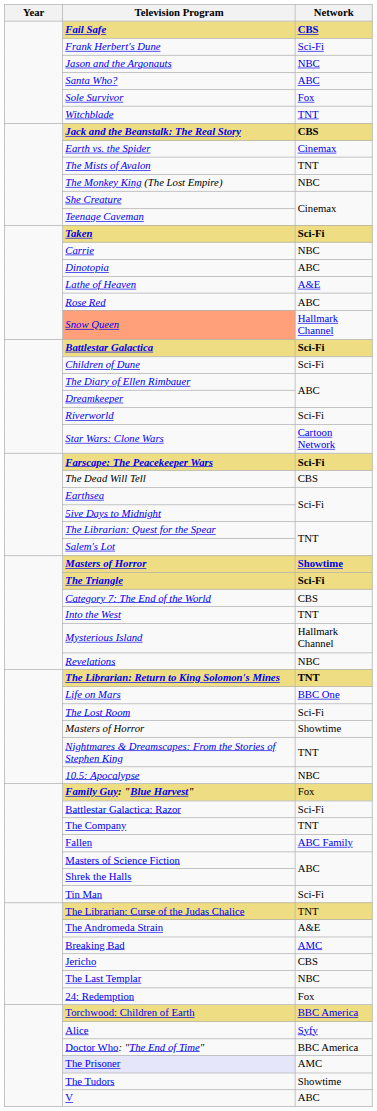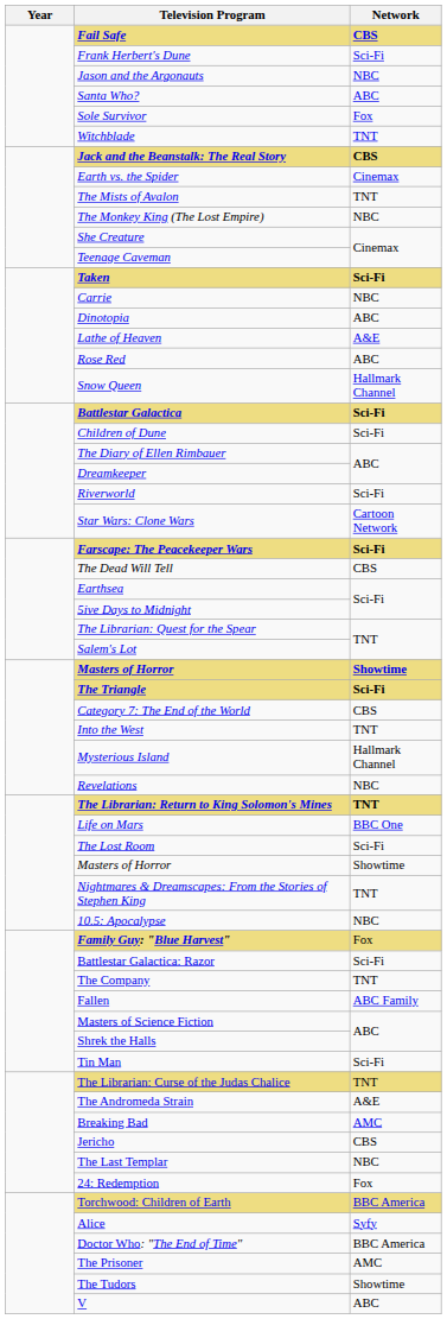 <table class="wikitable" width="550px" border="1" cellpadding="5" cellspacing="0" align="centre">
 <tr>
 <th width="80px">Year</th>
 <th>Television Program</th>
 <th>Network</th>
 </tr>
 <tr>
 <td rowspan=6></td>
 <td style="background:#EEDD82"><strong><em><a href='#'>Fail Safe</a></em></strong></td>
 <td style="background:#EEDD82"><strong><a href='#'>CBS</a></strong></td>
 </tr>
 <tr>
 <td><em><a href='#'>Frank Herbert's Dune</a></em></td>
 <td><a href='#'>Sci-Fi</a></td>
 </tr>
 <tr>
 <td><em><a href='#'>Jason and the Argonauts</a></em></td>
 <td><a href='#'>NBC</a></td>
 </tr>
 <tr>
 <td><em><a href='#'>Santa Who?</a></em></td>
 <td><a href='#'>ABC</a></td>
 </tr>
 <tr>
 <td><em><a href='#'>Sole Survivor</a></em></td>
 <td><a href='#'>Fox</a></td>
 </tr>
 <tr>
 <td><em><a href='#'>Witchblade</a></em></td>
 <td><a href='#'>TNT</a></td>
 </tr>
 <tr>
 <td rowspan=6></td>
 <td style="background:#EEDD82"><strong><em><a href='#'>Jack and the Beanstalk: The Real Story</a></em></strong></td>
 <td style="background:#EEDD82"><strong>CBS</strong></td>
 </tr>
 <tr>
 <td><em><a href='#'>Earth vs. the Spider</a></em></td>
 <td><a href='#'>Cinemax</a></td>
 </tr>
 <tr>
 <td><em><a href='#'>The Mists of Avalon</a></em></td>
 <td>TNT</td>
 </tr>
 <tr>
 <td><em><a href='#'>The Monkey King</a> (The Lost Empire)</em></td>
 <td>NBC</td>
 </tr>
 <tr>
 <td><em><a href='#'>She Creature</a></em></td>
 <td rowspan="2">Cinemax</td>
 </tr>
 <tr>
 <td><em><a href='#'>Teenage Caveman</a></em></td>
 </tr>
 <tr>
 <td rowspan=6></td>
 <td style="background:#EEDD82"><strong><em><a href='#'>Taken</a></em></strong></td>
 <td style="background:#EEDD82"><strong>Sci-Fi</strong></td>
 </tr>
 <tr>
 <td><em><a href='#'>Carrie</a></em></td>
 <td>NBC</td>
 </tr>
 <tr>
 <td><em><a href='#'>Dinotopia</a></em></td>
 <td>ABC</td>
 </tr>
 <tr>
 <td><em><a href='#'>Lathe of Heaven</a></em></td>
 <td><a href='#'>A&E</a></td>
 </tr>
 <tr>
 <td><em><a href='#'>Rose Red</a></em></td>
 <td>ABC</td>
 </tr>
 <tr>
-<td style="background: lightsalmon;"><em><a href='#'>Snow Queen</a></em></td>
+<td><em><a href='#'>Snow Queen</a></em></td>
 <td><a href='#'>Hallmark Channel</a></td>
 </tr>
 <tr>
 <td rowspan=6></td>
 <td style="background:#EEDD82"><strong><em><a href='#'>Battlestar Galactica</a></em></strong></td>
 <td style="background:#EEDD82"><strong>Sci-Fi</strong></td>
 </tr>
 <tr>
 <td><em><a href='#'>Children of Dune</a></em></td>
 <td>Sci-Fi</td>
 </tr>
 <tr>
 <td><em><a href='#'>The Diary of Ellen Rimbauer</a></em></td>
 <td rowspan="2">ABC</td>
 </tr>
 <tr>
 <td><em><a href='#'>Dreamkeeper</a></em></td>
 </tr>
 <tr>
 <td><em><a href='#'>Riverworld</a></em></td>
 <td>Sci-Fi</td>
 </tr>
 <tr>
 <td><em><a href='#'>Star Wars: Clone Wars</a></em></td>
 <td><a href='#'>Cartoon Network</a></td>
 </tr>
 <tr>
 <td rowspan=6></td>
 <td style="background:#EEDD82"><strong><em><a href='#'>Farscape: The Peacekeeper Wars</a></em></strong></td>
 <td style="background:#EEDD82"><strong>Sci-Fi</strong></td>
 </tr>
 <tr>
 <td><em>The Dead Will Tell</em></td>
 <td>CBS</td>
 </tr>
 <tr>
 <td><em><a href='#'>Earthsea</a></em></td>
 <td rowspan="2">Sci-Fi</td>
 </tr>
 <tr>
 <td><em><a href='#'>5ive Days to Midnight</a></em></td>
 </tr>
 <tr>
 <td><em><a href='#'>The Librarian: Quest for the Spear</a></em></td>
 <td rowspan="2">TNT</td>
 </tr>
 <tr>
 <td><em><a href='#'>Salem's Lot</a></em></td>
 </tr>
 <tr>
 <td rowspan=6></td>
 <td style="background:#EEDD82"><strong><em><a href='#'>Masters of Horror</a></em></strong></td>
 <td style="background:#EEDD82"><strong><a href='#'>Showtime</a></strong></td>
 </tr>
 <tr>
 <td style="background:#EEDD82"><strong><em><a href='#'>The Triangle</a></em></strong></td>
 <td style="background:#EEDD82"><strong>Sci-Fi</strong></td>
 </tr>
 <tr>
 <td><em><a href='#'>Category 7: The End of the World</a></em></td>
 <td>CBS</td>
 </tr>
 <tr>
 <td><em><a href='#'>Into the West</a></em></td>
 <td>TNT</td>
 </tr>
 <tr>
 <td><em><a href='#'>Mysterious Island</a></em></td>
 <td>Hallmark Channel</td>
 </tr>
 <tr>
 <td><em><a href='#'>Revelations</a></em></td>
 <td>NBC</td>
 </tr>
 <tr>
 <td rowspan=6></td>
 <td style="background:#EEDD82"><strong><em><a href='#'>The Librarian: Return to King Solomon's Mines</a></em></strong></td>
 <td style="background:#EEDD82"><strong>TNT</strong></td>
 </tr>
 <tr>
 <td><em><a href='#'>Life on Mars</a></em></td>
 <td><a href='#'>BBC One</a></td>
 </tr>
 <tr>
 <td><em><a href='#'>The Lost Room</a></em></td>
 <td>Sci-Fi</td>
 </tr>
 <tr>
 <td><em>Masters of Horror</em></td>
 <td>Showtime</td>
 </tr>
 <tr>
 <td><em><a href='#'>Nightmares & Dreamscapes: From the Stories of Stephen King</a></em></td>
 <td>TNT</td>
 </tr>
 <tr>
 <td><em><a href='#'>10.5: Apocalypse</a></em></td>
 <td>NBC</td>
 </tr>
 <tr>
 <td rowspan=7></td>
 <td style="background:#EEDD82"><strong><em><a href='#'>Family Guy</a><em>: "<a href='#'>Blue Harvest</a>"<strong></td>
 <td style="background:#EEDD82"></strong>Fox<strong></td>
 </tr>
 <tr>
 <td></em><a href='#'>Battlestar Galactica: Razor</a><em></td>
 <td>Sci-Fi</td>
 </tr>
 <tr>
 <td></em><a href='#'>The Company</a><em></td>
 <td>TNT</td>
 </tr>
 <tr>
 <td></em><a href='#'>Fallen</a><em></td>
 <td><a href='#'>ABC Family</a></td>
 </tr>
 <tr>
 <td></em><a href='#'>Masters of Science Fiction</a><em></td>
 <td rowspan="2">ABC</td>
 </tr>
 <tr>
 <td></em><a href='#'>Shrek the Halls</a><em></td>
 </tr>
 <tr>
 <td></em><a href='#'>Tin Man</a><em></td>
 <td>Sci-Fi</td>
 </tr>
 <tr>
 <td rowspan=6></td>
 <td style="background:#EEDD82"></em></strong><a href='#'>The Librarian: Curse of the Judas Chalice</a><strong><em></td>
 <td style="background:#EEDD82"></strong>TNT<strong></td>
 </tr>
 <tr>
 <td></em><a href='#'>The Andromeda Strain</a><em></td>
 <td>A&E</td>
 </tr>
 <tr>
 <td></em><a href='#'>Breaking Bad</a><em></td>
 <td><a href='#'>AMC</a></td>
 </tr>
 <tr>
 <td></em><a href='#'>Jericho</a><em></td>
 <td>CBS</td>
 </tr>
 <tr>
 <td></em><a href='#'>The Last Templar</a><em></td>
 <td>NBC</td>
 </tr>
 <tr>
 <td></em><a href='#'>24: Redemption</a><em></td>
 <td>Fox</td>
 </tr>
 <tr>
 <td rowspan=6></td>
 <td style="background:#EEDD82"></em></strong><a href='#'>Torchwood: Children of Earth</a><strong><em></td>
 <td style="background:#EEDD82"></strong><a href='#'>BBC America</a><strong></td>
 </tr>
 <tr>
 <td></em><a href='#'>Alice</a><em></td>
 <td><a href='#'>Syfy</a></td>
 </tr>
 <tr>
 <td></em><a href='#'>Doctor Who</a><em>: "<a href='#'>The End of Time</a>"</td>
 <td>BBC America</td>
 </tr>
 <tr>
-<td style="background: lavender;"></em><a href='#'>The Prisoner</a><em></td>
+<td></em><a href='#'>The Prisoner</a><em></td>
 <td>AMC</td>
 </tr>
 <tr>
 <td></em><a href='#'>The Tudors</a><em></td>
 <td>Showtime</td>
 </tr>
 <tr>
 <td></em><a href='#'>V</a><em></td>
 <td>ABC</td>
 </tr>
 </table>
